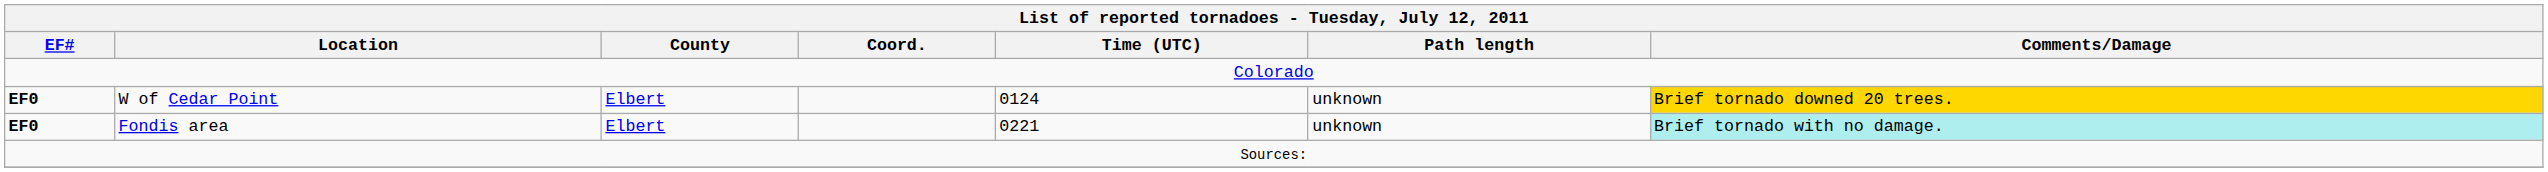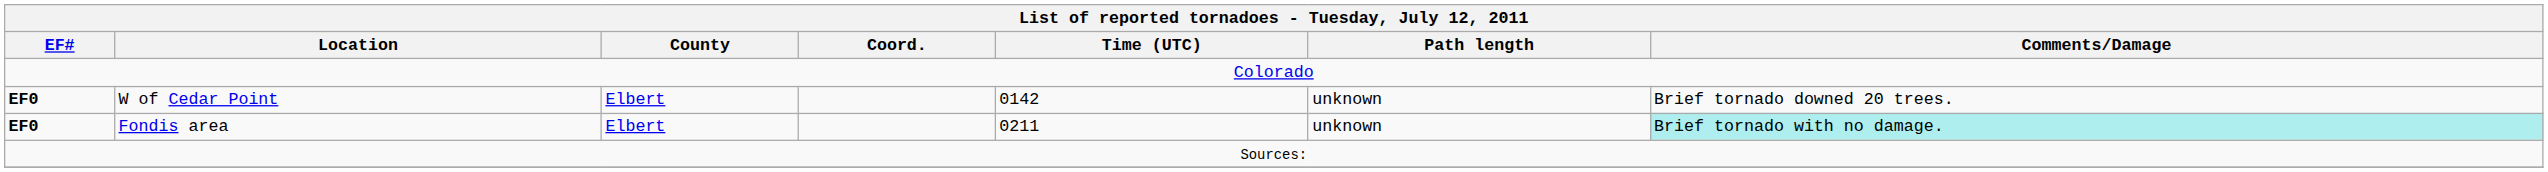 <table class="wikitable collapsible" width="100%">
 <tr>
 <th colspan="7">List of reported tornadoes - Tuesday, July 12, 2011</th>
 </tr>
 <tr>
 <th><a href='#'>EF#</a></th>
 <th>Location</th>
 <th>County</th>
 <th>Coord.</th>
 <th>Time (UTC)</th>
 <th>Path length</th>
 <th>Comments/Damage</th>
 </tr>
 <tr>
 <td colspan="7" align=center><a href='#'>Colorado</a></td>
 </tr>
 <tr>
 <td><strong>EF0</strong></td>
 <td>W of <a href='#'>Cedar Point</a></td>
 <td><a href='#'>Elbert</a></td>
 <td></td>
-<td>0124</td>
+<td>0142</td>
 <td>unknown</td>
-<td style="background: gold;">Brief tornado downed 20 trees.</td>
+<td>Brief tornado downed 20 trees.</td>
 </tr>
 <tr>
 <td><strong>EF0</strong></td>
 <td><a href='#'>Fondis</a> area</td>
 <td><a href='#'>Elbert</a></td>
 <td></td>
-<td>0221</td>
+<td>0211</td>
 <td>unknown</td>
 <td style="background: paleturquoise;">Brief tornado with no damage.</td>
 </tr>
 <tr>
 <td colspan="7" align=center><small>Sources: </small></td>
 </tr>
 <tr>
 </tr>
 </table>
